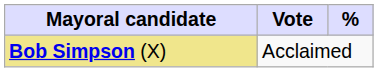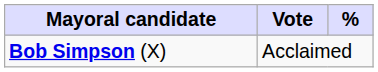 <table class="wikitable">
 <tr>
 <th style="background:#ddf;" width="200px">Mayoral candidate</th>
 <th style="background:#ddf;" width="50px">Vote</th>
 <th style="background:#ddf;" width="30px">%</th>
 </tr>
 <tr>
-<td style="background: khaki;"><strong><a href='#'>Bob Simpson</a></strong> (X)</td>
+<td><strong><a href='#'>Bob Simpson</a></strong> (X)</td>
 <td colspan="2">Acclaimed</td>
 </tr>
 </table>
